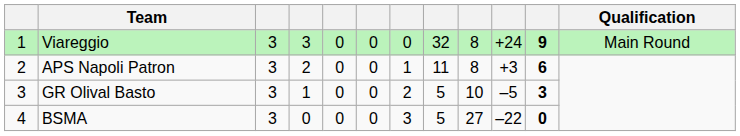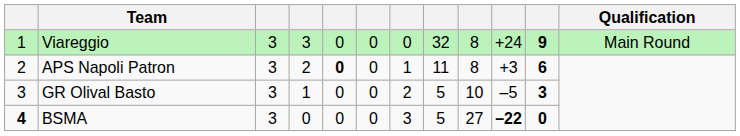 <table class="wikitable" style="font-size: 95%">
 <tr>
 <th width="25"></th>
 <th width="200">Team</th>
 <th width="25"></th>
 <th width="25"></th>
 <th width="25"></th>
 <th width="25"></th>
 <th width="25"></th>
 <th width="25"></th>
 <th width="25"></th>
 <th width="25"></th>
 <th width="25"></th>
 <th width="160">Qualification</th>
 </tr>
 <tr align=center bgcolor=#bbf3bb>
 <td>1</td>
 <td align=left> Viareggio</td>
 <td>3</td>
 <td>3</td>
 <td>0</td>
 <td>0</td>
 <td>0</td>
 <td>32</td>
 <td>8</td>
 <td>+24</td>
 <td><strong>9</strong></td>
 <td>Main Round</td>
 </tr>
 <tr align=center>
 <td>2</td>
 <td align=left> APS Napoli Patron</td>
 <td>3</td>
 <td>2</td>
-<td>0</td>
+<td><strong>0</strong></td>
 <td>0</td>
 <td>1</td>
 <td>11</td>
 <td>8</td>
 <td>+3</td>
 <td><strong>6</strong></td>
 <td rowspan=3></td>
 </tr>
 <tr align=center>
 <td>3</td>
 <td align=left> GR Olival Basto</td>
 <td>3</td>
 <td>1</td>
 <td>0</td>
 <td>0</td>
 <td>2</td>
 <td>5</td>
 <td>10</td>
 <td>–5</td>
 <td><strong>3</strong></td>
 </tr>
 <tr align=center>
-<td>4</td>
+<td><strong>4</strong></td>
 <td align=left> BSMA</td>
 <td>3</td>
 <td>0</td>
 <td>0</td>
 <td>0</td>
 <td>3</td>
 <td>5</td>
 <td>27</td>
-<td>–22</td>
+<td><strong>–22</strong></td>
 <td><strong>0</strong></td>
 </tr>
 </table>
